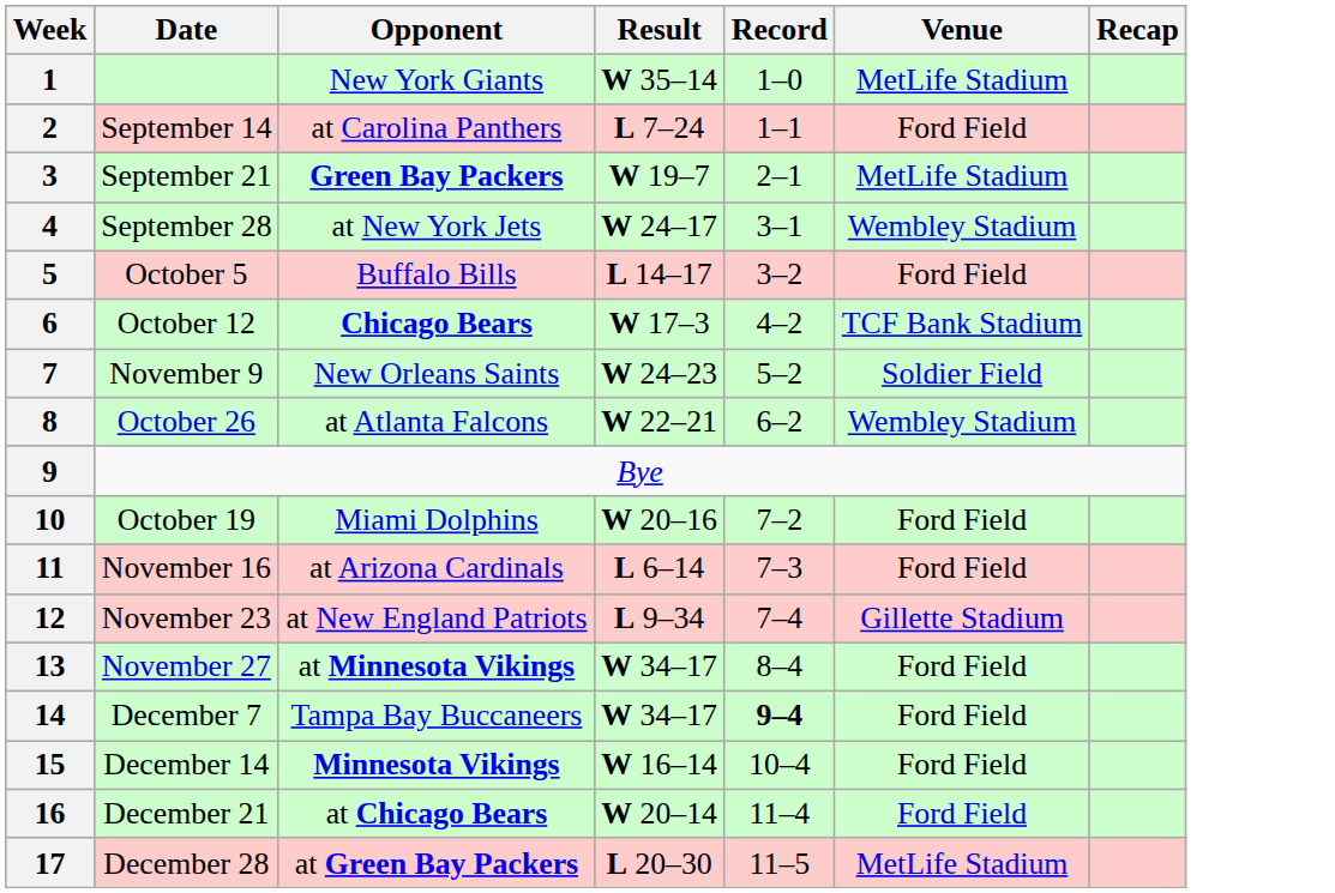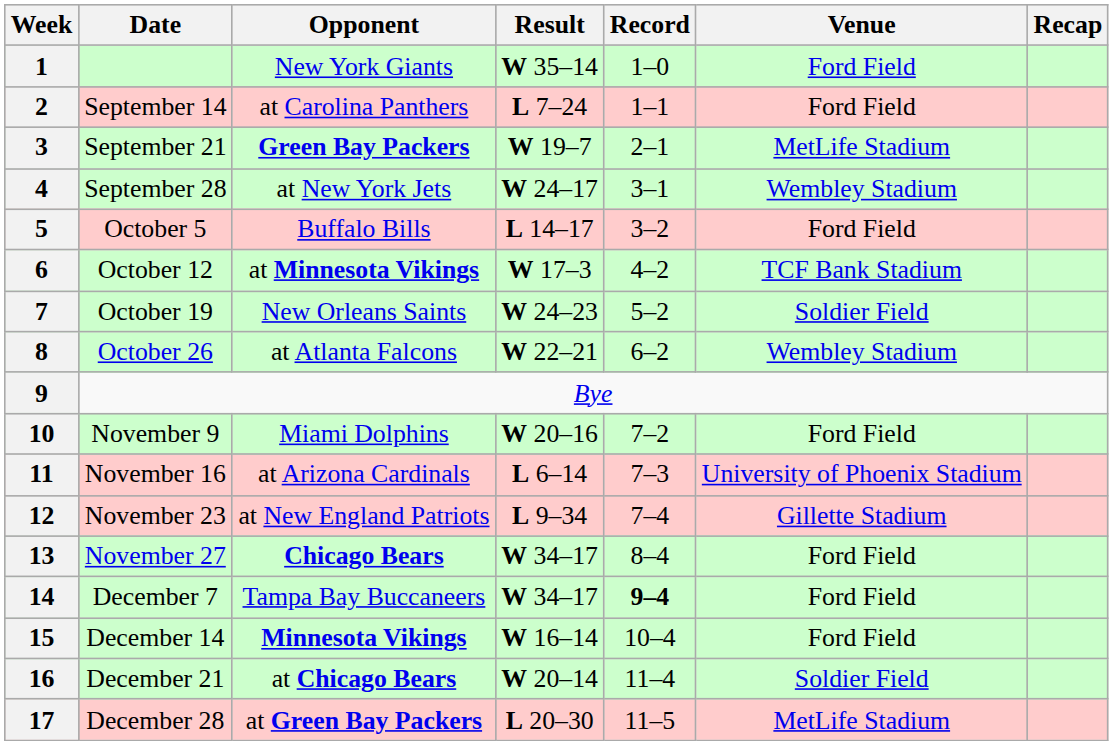 <table class="wikitable" style="text-align:center">
 <tr>
 <th>Week</th>
 <th>Date</th>
 <th>Opponent</th>
 <th>Result</th>
 <th>Record</th>
 <th>Venue</th>
 <th>Recap</th>
 </tr>
 <tr style="background:#cfc">
 <th>1</th>
 <td></td>
 <td><a href='#'>New York Giants</a></td>
 <td><strong>W</strong> 35–14</td>
 <td>1–0</td>
-<td><a href='#'>MetLife Stadium</a></td>
+<td><a href='#'>Ford Field</a></td>
 <td></td>
 </tr>
 <tr style="background:#fcc">
 <th>2</th>
 <td>September 14</td>
 <td>at <a href='#'>Carolina Panthers</a></td>
 <td><strong>L</strong> 7–24</td>
 <td>1–1</td>
 <td>Ford Field</td>
 <td></td>
 </tr>
 <tr style="background:#cfc">
 <th>3</th>
 <td>September 21</td>
 <td><strong><a href='#'>Green Bay Packers</a></strong></td>
 <td><strong>W</strong> 19–7</td>
 <td>2–1</td>
 <td><a href='#'>MetLife Stadium</a></td>
 <td></td>
 </tr>
 <tr style="background:#cfc">
 <th>4</th>
 <td>September 28</td>
 <td>at <a href='#'>New York Jets</a></td>
 <td><strong>W</strong> 24–17</td>
 <td>3–1</td>
 <td> <a href='#'>Wembley Stadium</a> </td>
 <td></td>
 </tr>
 <tr style="background:#fcc">
 <th>5</th>
 <td>October 5</td>
 <td><a href='#'>Buffalo Bills</a></td>
 <td><strong>L</strong> 14–17</td>
 <td>3–2</td>
 <td>Ford Field</td>
 <td></td>
 </tr>
 <tr style="background:#cfc">
 <th>6</th>
 <td>October 12</td>
-<td><strong><a href='#'>Chicago Bears</a></strong></td>
+<td>at <strong><a href='#'>Minnesota Vikings</a></strong></td>
 <td><strong>W</strong> 17–3</td>
 <td>4–2</td>
 <td><a href='#'>TCF Bank Stadium</a></td>
 <td></td>
 </tr>
 <tr style="background:#cfc">
 <th>7</th>
-<td>November 9</td>
+<td>October 19</td>
 <td><a href='#'>New Orleans Saints</a></td>
 <td><strong>W</strong> 24–23</td>
 <td>5–2</td>
 <td><a href='#'>Soldier Field</a></td>
 <td></td>
 </tr>
 <tr style="background:#cfc">
 <th>8</th>
 <td><a href='#'>October 26</a></td>
 <td>at <a href='#'>Atlanta Falcons</a></td>
 <td><strong>W</strong> 22–21</td>
 <td>6–2</td>
 <td> <a href='#'>Wembley Stadium</a> </td>
 <td></td>
 </tr>
 <tr>
 <th>9</th>
 <td colspan="6"><em><a href='#'>Bye</a></em></td>
 </tr>
 <tr style="background:#cfc; text-align:center;">
 <th>10</th>
-<td>October 19</td>
+<td>November 9</td>
 <td><a href='#'>Miami Dolphins</a></td>
 <td><strong>W</strong> 20–16</td>
 <td>7–2</td>
 <td>Ford Field</td>
 <td></td>
 </tr>
 <tr style="background:#fcc">
 <th>11</th>
 <td>November 16</td>
 <td>at <a href='#'>Arizona Cardinals</a></td>
 <td><strong>L</strong> 6–14</td>
 <td>7–3</td>
-<td>Ford Field</td>
+<td><a href='#'>University of Phoenix Stadium</a></td>
 <td></td>
 </tr>
 <tr style="background:#fcc">
 <th>12</th>
 <td>November 23</td>
 <td>at <a href='#'>New England Patriots</a></td>
 <td><strong>L</strong> 9–34</td>
 <td>7–4</td>
 <td><a href='#'>Gillette Stadium</a></td>
 <td></td>
 </tr>
 <tr style="background:#cfc">
 <th>13</th>
 <td><a href='#'>November 27</a></td>
-<td>at <strong><a href='#'>Minnesota Vikings</a></strong></td>
+<td><strong><a href='#'>Chicago Bears</a></strong></td>
 <td><strong>W</strong> 34–17</td>
 <td>8–4</td>
 <td>Ford Field</td>
 <td></td>
 </tr>
 <tr style="background:#cfc">
 <th>14</th>
 <td>December 7</td>
 <td><a href='#'>Tampa Bay Buccaneers</a></td>
 <td><strong>W</strong> 34–17</td>
 <td><strong>9–4</strong></td>
 <td>Ford Field</td>
 <td></td>
 </tr>
 <tr style="background:#cfc">
 <th>15</th>
 <td>December 14</td>
 <td><strong><a href='#'>Minnesota Vikings</a></strong></td>
 <td><strong>W</strong> 16–14</td>
 <td>10–4</td>
 <td>Ford Field</td>
 <td></td>
 </tr>
 <tr style="background:#cfc">
 <th>16</th>
 <td>December 21</td>
 <td>at <strong><a href='#'>Chicago Bears</a></strong></td>
 <td><strong>W</strong> 20–14</td>
 <td>11–4</td>
-<td><a href='#'>Ford Field</a></td>
+<td><a href='#'>Soldier Field</a></td>
 <td></td>
 </tr>
 <tr style="background:#fcc">
 <th>17</th>
 <td>December 28</td>
 <td>at <strong><a href='#'>Green Bay Packers</a></strong></td>
 <td><strong>L</strong> 20–30</td>
 <td>11–5</td>
 <td><a href='#'>MetLife Stadium</a></td>
 <td></td>
 </tr>
 </table>
